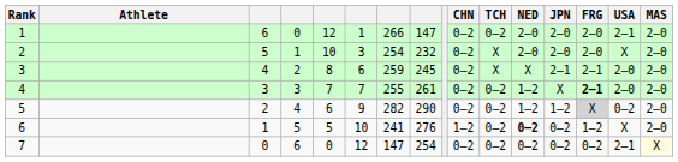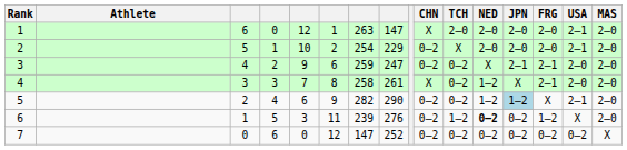 <table class="wikitable" style="text-align:center">
 <tr>
 <th>Rank</th>
 <th width=230>Athlete</th>
 <th width=30></th>
 <th width=30></th>
 <th width=30></th>
 <th width=30></th>
 <th width=30></th>
 <th width=30></th>
 <th rowspan=8></th>
 <th width=30>CHN</th>
 <th width=30>TCH</th>
 <th width=30>NED</th>
 <th width=30>JPN</th>
 <th width=30>FRG</th>
 <th width=30>USA</th>
 <th width=30>MAS</th>
 </tr>
 <tr style="background-color:#ccffcc;">
 <td>1</td>
 <td align=left></td>
 <td>6</td>
 <td>0</td>
 <td>12</td>
 <td>1</td>
-<td>266</td>
+<td>263</td>
 <td>147</td>
-<td>0–2</td>
-<td>0–2</td>
+<td>X</td>
+<td>2–0</td>
 <td>2–0</td>
 <td>2–0</td>
 <td>2–0</td>
 <td>2–1</td>
 <td>2–0</td>
 </tr>
 <tr style="background-color:#ccffcc;">
 <td>2</td>
 <td align=left></td>
 <td>5</td>
 <td>1</td>
 <td>10</td>
-<td>3</td>
+<td>2</td>
 <td>254</td>
-<td>232</td>
+<td>229</td>
 <td>0–2</td>
 <td>X</td>
 <td>2–0</td>
 <td>2–0</td>
 <td>2–0</td>
-<td>X</td>
+<td>2–1</td>
 <td>2–0</td>
 </tr>
 <tr style="background-color:#ccffcc;">
 <td>3</td>
 <td align=left></td>
 <td>4</td>
 <td>2</td>
-<td>8</td>
+<td>9</td>
 <td>6</td>
 <td>259</td>
-<td>245</td>
+<td>247</td>
 <td>0–2</td>
-<td>X</td>
+<td>0–2</td>
 <td>X</td>
 <td>2–1</td>
 <td>2–1</td>
 <td>2–0</td>
 <td>2–0</td>
 </tr>
 <tr style="background-color:#ccffcc;">
 <td>4</td>
 <td align=left></td>
 <td>3</td>
 <td>3</td>
 <td>7</td>
-<td>7</td>
-<td>255</td>
+<td>8</td>
+<td>258</td>
 <td>261</td>
-<td>0–2</td>
+<td>X</td>
 <td>0–2</td>
 <td>1–2</td>
 <td>X</td>
-<td><strong>2–1</strong></td>
+<td>2–1</td>
 <td>2–0</td>
 <td>2–0</td>
 </tr>
 <tr>
 <td>5</td>
 <td align=left></td>
 <td>2</td>
 <td>4</td>
 <td>6</td>
 <td>9</td>
 <td>282</td>
 <td>290</td>
 <td>0–2</td>
 <td>0–2</td>
 <td>1–2</td>
-<td>1–2</td>
-<td style="background: lightgrey;">X</td>
-<td>0–2</td>
+<td style="background: lightblue;">1–2</td>
+<td>X</td>
+<td>2–1</td>
 <td>2–0</td>
 </tr>
 <tr>
 <td>6</td>
 <td align=left></td>
 <td>1</td>
 <td>5</td>
-<td>5</td>
-<td>10</td>
-<td>241</td>
+<td>3</td>
+<td>11</td>
+<td>239</td>
 <td>276</td>
+<td>0–2</td>
 <td>1–2</td>
-<td>0–2</td>
 <td><strong>0–2</strong></td>
 <td>0–2</td>
 <td>1–2</td>
 <td>X</td>
 <td>2–0</td>
 </tr>
 <tr>
 <td>7</td>
 <td align=left></td>
 <td>0</td>
 <td>6</td>
 <td>0</td>
 <td>12</td>
 <td>147</td>
-<td>254</td>
+<td>252</td>
 <td>0–2</td>
 <td>0–2</td>
 <td>0–2</td>
 <td>0–2</td>
 <td>0–2</td>
-<td>2–1</td>
-<td style="background: lightyellow;">X</td>
+<td>0–2</td>
+<td>X</td>
 </tr>
 </table>
